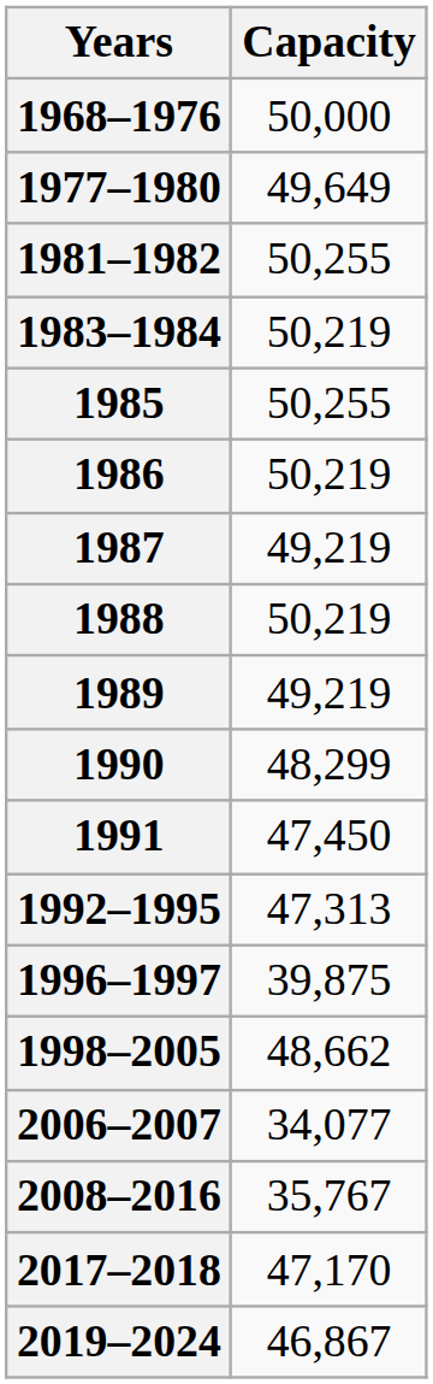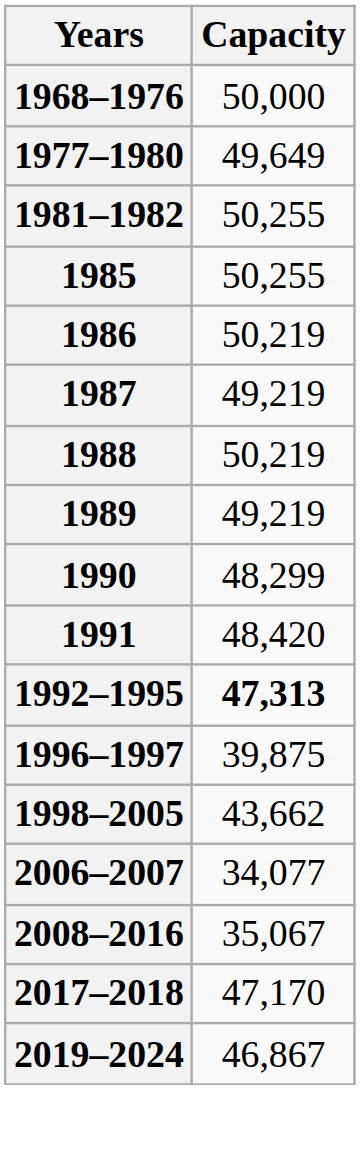 <table class="wikitable plainrowheaders" style="float:left; margin-right:1em">
 <tr>
 <th scope="col">Years</th>
 <th scope="col">Capacity</th>
 </tr>
 <tr>
 <th scope="row">1968–1976</th>
 <td style="text-align:center;">50,000</td>
 </tr>
 <tr>
 <th scope="row">1977–1980</th>
 <td style="text-align:center;">49,649</td>
 </tr>
 <tr>
 <th scope="row">1981–1982</th>
 <td style="text-align:center;">50,255</td>
-</tr>
-<tr>
-<th scope="row">1983–1984</th>
-<td style="text-align:center;">50,219</td>
 </tr>
 <tr>
 <th scope="row">1985</th>
 <td style="text-align:center;">50,255</td>
 </tr>
 <tr>
 <th scope="row">1986</th>
 <td style="text-align:center;">50,219</td>
 </tr>
 <tr>
 <th scope="row">1987</th>
 <td style="text-align:center;">49,219</td>
 </tr>
 <tr>
 <th scope="row">1988</th>
 <td style="text-align:center;">50,219</td>
 </tr>
 <tr>
 <th scope="row">1989</th>
 <td style="text-align:center;">49,219</td>
 </tr>
 <tr>
 <th scope="row">1990</th>
 <td style="text-align:center;">48,299</td>
 </tr>
 <tr>
 <th scope="row">1991</th>
-<td style="text-align:center;">47,450</td>
+<td style="text-align:center;">48,420</td>
 </tr>
 <tr>
 <th scope="row">1992–1995</th>
-<td style="text-align:center;">47,313</td>
+<td style="text-align:center;"><strong>47,313</strong></td>
 </tr>
 <tr>
 <th scope="row">1996–1997</th>
 <td style="text-align:center;">39,875</td>
 </tr>
 <tr>
 <th scope="row">1998–2005</th>
-<td style="text-align:center;">48,662</td>
+<td style="text-align:center;">43,662</td>
 </tr>
 <tr>
 <th scope="row">2006–2007</th>
 <td style="text-align:center;">34,077</td>
 </tr>
 <tr>
 <th scope="row">2008–2016</th>
-<td style="text-align:center;">35,767</td>
+<td style="text-align:center;">35,067</td>
 </tr>
 <tr>
 <th scope="row">2017–2018</th>
 <td style="text-align:center;">47,170</td>
 </tr>
 <tr>
 <th scope="row">2019–2024</th>
 <td style="text-align:center;">46,867</td>
 </tr>
 </table>
